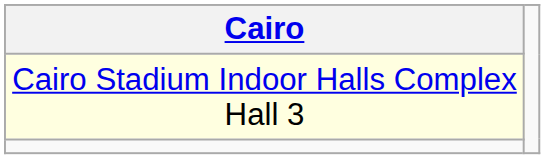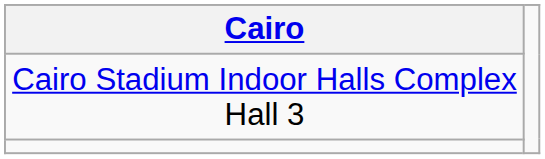 <table class="wikitable" style="text-align:center;">
 <tr>
 <th><a href='#'>Cairo</a></th>
 <td rowspan="4"><br></td>
 </tr>
 <tr>
-<td style="background: lightyellow;"><a href='#'>Cairo Stadium Indoor Halls Complex</a><br>Hall 3 </td>
+<td><a href='#'>Cairo Stadium Indoor Halls Complex</a><br>Hall 3 </td>
 </tr>
 <tr>
 <td></td>
 </tr>
 </table>
